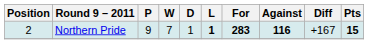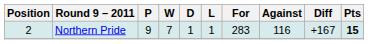 <table class="wikitable" style="text-align:center; font-size:85%;">
 <tr>
 <th width=40 abbr="Position">Position</th>
 <th width=100>Round 9 – 2011</th>
 <th width=20 abbr="Played">P</th>
 <th width=20 abbr="Won">W</th>
 <th width=20 abbr="Drawn">D</th>
 <th width=20 abbr="Lost">L</th>
 <th width=40 abbr="Points for">For</th>
 <th width=40 abbr="Points against">Against</th>
 <th width=40 abbr="Points difference">Diff</th>
 <th width=20 abbr="Points">Pts</th>
 </tr>
 <tr style="background: #d7ebed;">
 <td>2</td>
 <td style="text-align:left;"> <a href='#'>Northern Pride</a></td>
 <td>9</td>
 <td>7</td>
 <td>1</td>
-<td><strong>1</strong></td>
-<td><strong>283</strong></td>
-<td><strong>116</strong></td>
+<td>1</td>
+<td>283</td>
+<td>116</td>
 <td>+167</td>
 <td><strong>15</strong></td>
 </tr>
 <tr>
 </tr>
 </table>
